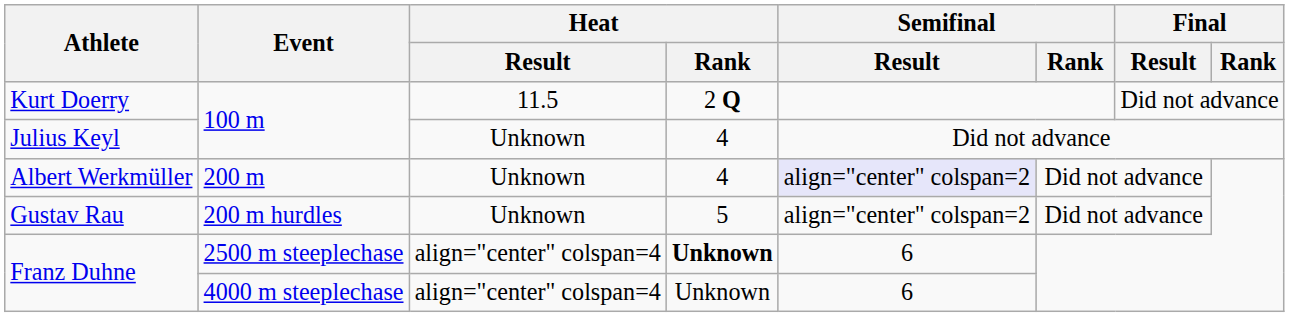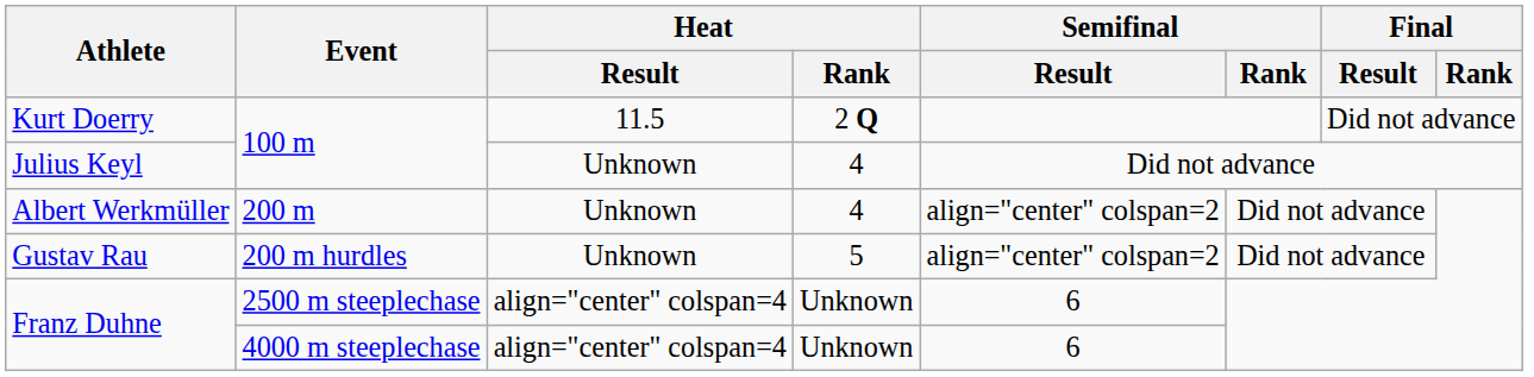 <table class="wikitable sortable">
 <tr>
 <th rowspan="2">Athlete</th>
 <th rowspan="2">Event</th>
 <th colspan="2">Heat</th>
 <th colspan="2">Semifinal</th>
 <th colspan="2">Final</th>
 </tr>
 <tr>
 <th>Result</th>
 <th>Rank</th>
 <th>Result</th>
 <th>Rank</th>
 <th>Result</th>
 <th>Rank</th>
 </tr>
 <tr>
 <td><a href='#'>Kurt Doerry</a></td>
 <td rowspan=2><a href='#'>100 m</a></td>
 <td align="center">11.5</td>
 <td align="center">2 <strong>Q</strong></td>
 <td align="center" colspan=2></td>
 <td align="center" colspan=2>Did not advance</td>
 </tr>
 <tr>
 <td><a href='#'>Julius Keyl</a></td>
 <td align="center">Unknown</td>
 <td align="center">4</td>
 <td align="center" colspan=4>Did not advance</td>
 </tr>
 <tr>
 <td><a href='#'>Albert Werkmüller</a></td>
 <td><a href='#'>200 m</a></td>
 <td align="center">Unknown</td>
 <td align="center">4</td>
-<td style="background: lavender;">align="center" colspan=2 </td>
+<td>align="center" colspan=2 </td>
 <td align="center" colspan=2>Did not advance</td>
 </tr>
 <tr>
 <td><a href='#'>Gustav Rau</a></td>
 <td><a href='#'>200 m hurdles</a></td>
 <td align="center">Unknown</td>
 <td align="center">5</td>
 <td>align="center" colspan=2 </td>
 <td align="center" colspan=2>Did not advance</td>
 </tr>
 <tr>
 <td rowspan=2><a href='#'>Franz Duhne</a></td>
 <td><a href='#'>2500 m steeplechase</a></td>
 <td>align="center" colspan=4 </td>
-<td align="center"><strong>Unknown</strong></td>
+<td align="center">Unknown</td>
 <td align="center">6</td>
 </tr>
 <tr>
 <td><a href='#'>4000 m steeplechase</a></td>
 <td>align="center" colspan=4 </td>
 <td align="center">Unknown</td>
 <td align="center">6</td>
 </tr>
 </table>
